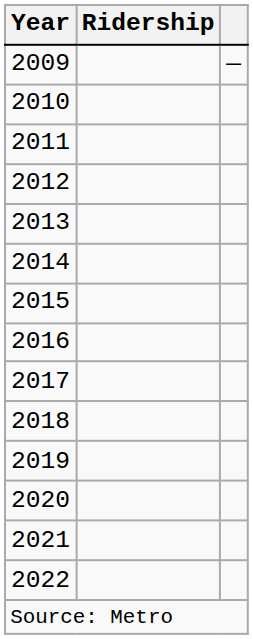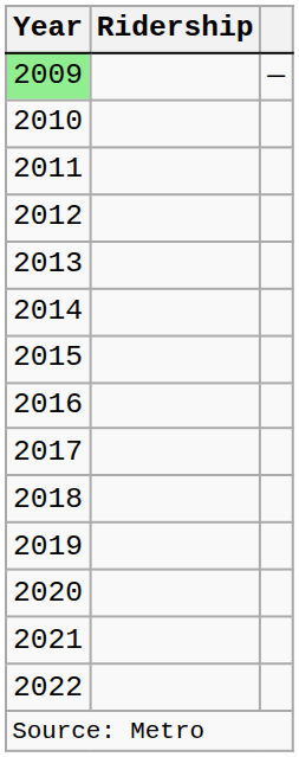 <table class="wikitable sortable" style="border-spacing: 1px; text-align:center; font-size:95%;">
 <tr>
 </tr>
 <tr>
 <th style="border-bottom:1px solid black">Year</th>
 <th style="border-bottom:1px solid black">Ridership</th>
 <th style="border-bottom:1px solid black"></th>
 </tr>
 <tr>
-<td>2009</td>
+<td style="background: lightgreen;">2009</td>
 <td></td>
 <td>—</td>
 </tr>
 <tr>
 <td>2010</td>
 <td></td>
 <td></td>
 </tr>
 <tr>
 <td>2011</td>
 <td></td>
 <td></td>
 </tr>
 <tr>
 <td>2012</td>
 <td></td>
 <td></td>
 </tr>
 <tr>
 <td>2013</td>
 <td></td>
 <td></td>
 </tr>
 <tr>
 <td>2014</td>
 <td></td>
 <td></td>
 </tr>
 <tr>
 <td>2015</td>
 <td></td>
 <td></td>
 </tr>
 <tr>
 <td>2016</td>
 <td></td>
 <td></td>
 </tr>
 <tr>
 <td>2017</td>
 <td></td>
 <td></td>
 </tr>
 <tr>
 <td>2018</td>
 <td></td>
 <td></td>
 </tr>
 <tr>
 <td>2019</td>
 <td></td>
 <td></td>
 </tr>
 <tr>
 <td>2020</td>
 <td></td>
 <td></td>
 </tr>
 <tr>
 <td>2021</td>
 <td></td>
 <td></td>
 </tr>
 <tr>
 <td>2022</td>
 <td></td>
 <td></td>
 </tr>
 <tr class="sortbottom">
 <td colspan="3" style="border-top:1px solid black; font-size:85%; text-align:left">Source: Metro</td>
 </tr>
 </table>
